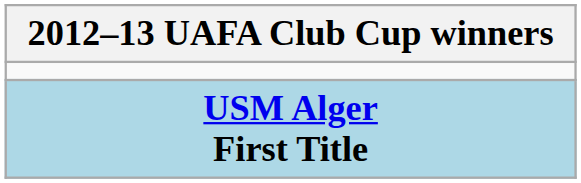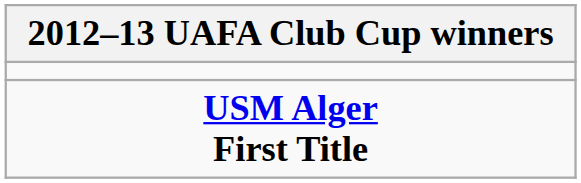 <table class="wikitable" style="text-align: center; margin: 0 auto; width: 20%">
 <tr>
 <th>2012–13 UAFA Club Cup winners</th>
 </tr>
 <tr>
 <td></td>
 </tr>
 <tr>
-<td style="background: lightblue;"><strong><a href='#'>USM Alger</a></strong><br><strong>First Title</strong></td>
+<td><strong><a href='#'>USM Alger</a></strong><br><strong>First Title</strong></td>
 </tr>
 </table>
